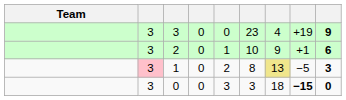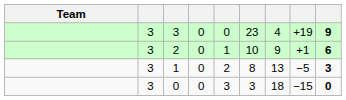 <table class="wikitable" style="text-align: center; font-size:90% ">
 <tr>
 <th width=160>Team</th>
 <th width=25></th>
 <th width=25></th>
 <th width=25></th>
 <th width=25></th>
 <th width=25></th>
 <th width=25></th>
 <th width=25></th>
 <th width=25></th>
 </tr>
 <tr bgcolor="ccffcc">
 <td align=left></td>
 <td>3</td>
 <td>3</td>
 <td>0</td>
 <td>0</td>
 <td>23</td>
 <td>4</td>
 <td>+19</td>
 <td><strong>9</strong></td>
 </tr>
 <tr bgcolor="ccffcc">
 <td align=left></td>
 <td>3</td>
 <td>2</td>
 <td>0</td>
 <td>1</td>
 <td>10</td>
 <td>9</td>
 <td>+1</td>
 <td><strong>6</strong></td>
 </tr>
 <tr>
 <td align=left></td>
-<td style="background: pink;">3</td>
+<td>3</td>
 <td>1</td>
 <td>0</td>
 <td>2</td>
 <td>8</td>
-<td style="background: khaki;">13</td>
+<td>13</td>
 <td>−5</td>
 <td><strong>3</strong></td>
 </tr>
 <tr>
 <td align=left></td>
 <td>3</td>
 <td>0</td>
 <td>0</td>
 <td>3</td>
 <td>3</td>
 <td>18</td>
-<td><strong>−15</strong></td>
+<td>−15</td>
 <td><strong>0</strong></td>
 </tr>
 </table>
